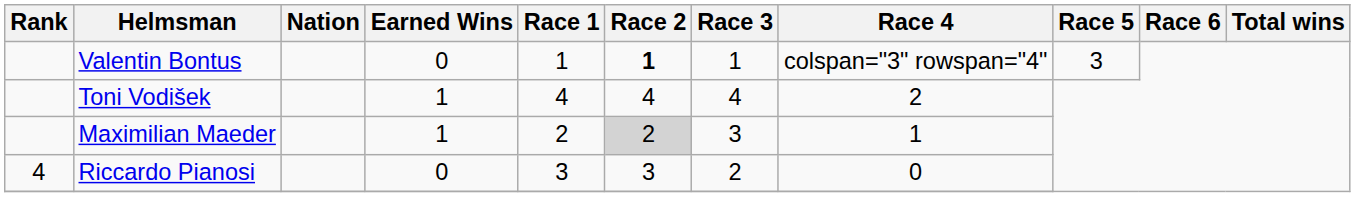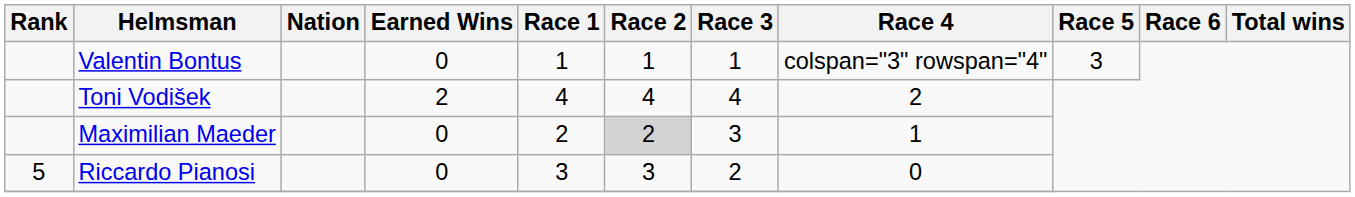 <table class="wikitable sortable" style="text-align:center">
 <tr>
 <th>Rank</th>
 <th>Helmsman</th>
 <th>Nation</th>
 <th>Earned Wins</th>
 <th>Race 1</th>
 <th>Race 2</th>
 <th>Race 3</th>
 <th>Race 4</th>
 <th>Race 5</th>
 <th>Race 6</th>
 <th>Total wins</th>
 </tr>
 <tr>
 <td></td>
 <td align="left"><a href='#'>Valentin Bontus</a></td>
 <td align="left"></td>
 <td>0</td>
 <td>1</td>
-<td><strong>1</strong></td>
+<td>1</td>
 <td>1</td>
 <td>colspan="3" rowspan="4" </td>
 <td>3</td>
 </tr>
 <tr>
 <td></td>
 <td align="left"><a href='#'>Toni Vodišek</a></td>
 <td align="left"></td>
-<td>1</td>
+<td>2</td>
 <td>4<br></td>
 <td>4<br></td>
 <td>4</td>
 <td>2</td>
 </tr>
 <tr>
 <td></td>
 <td align="left"><a href='#'>Maximilian Maeder</a></td>
 <td align="left"></td>
-<td>1</td>
+<td>0</td>
 <td>2</td>
 <td style="background: lightgrey;">2</td>
 <td>3</td>
 <td>1</td>
 </tr>
 <tr>
-<td>4</td>
+<td>5</td>
 <td align="left"><a href='#'>Riccardo Pianosi</a></td>
 <td align="left"></td>
 <td>0</td>
 <td>3</td>
 <td>3</td>
 <td>2</td>
 <td>0</td>
 </tr>
 <tr>
 </tr>
 </table>
